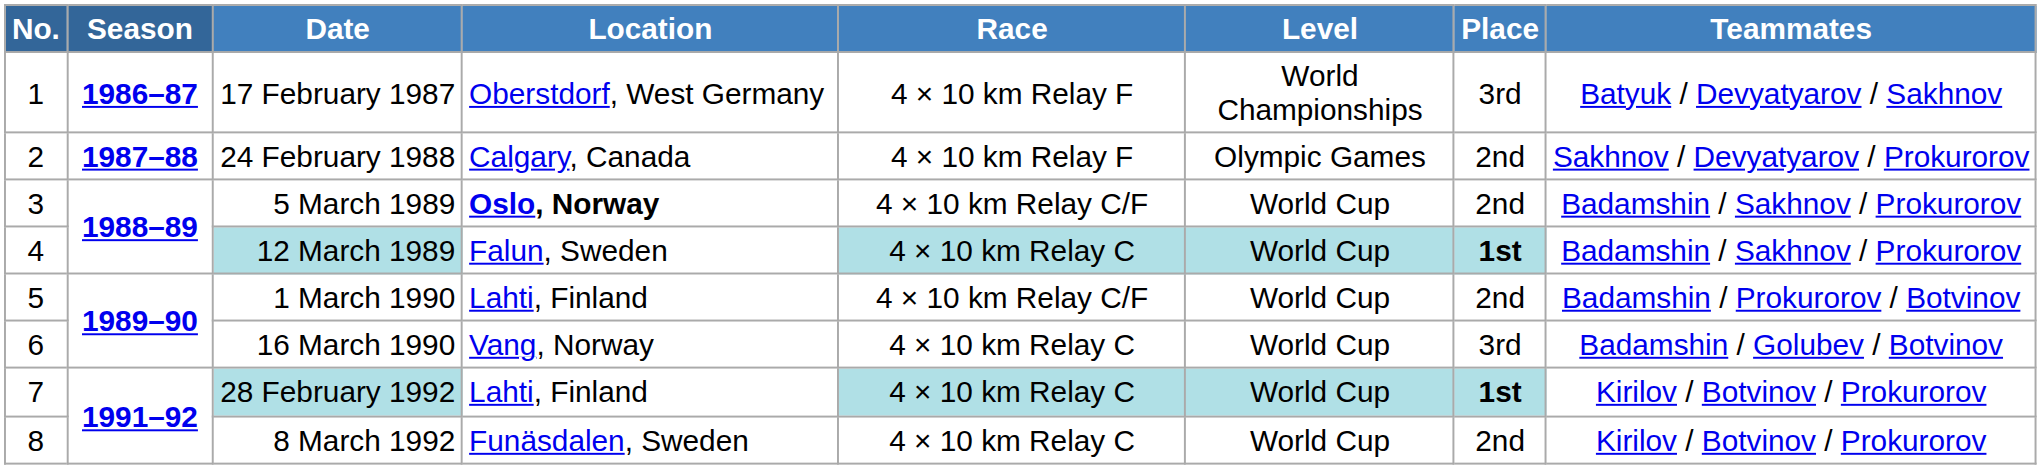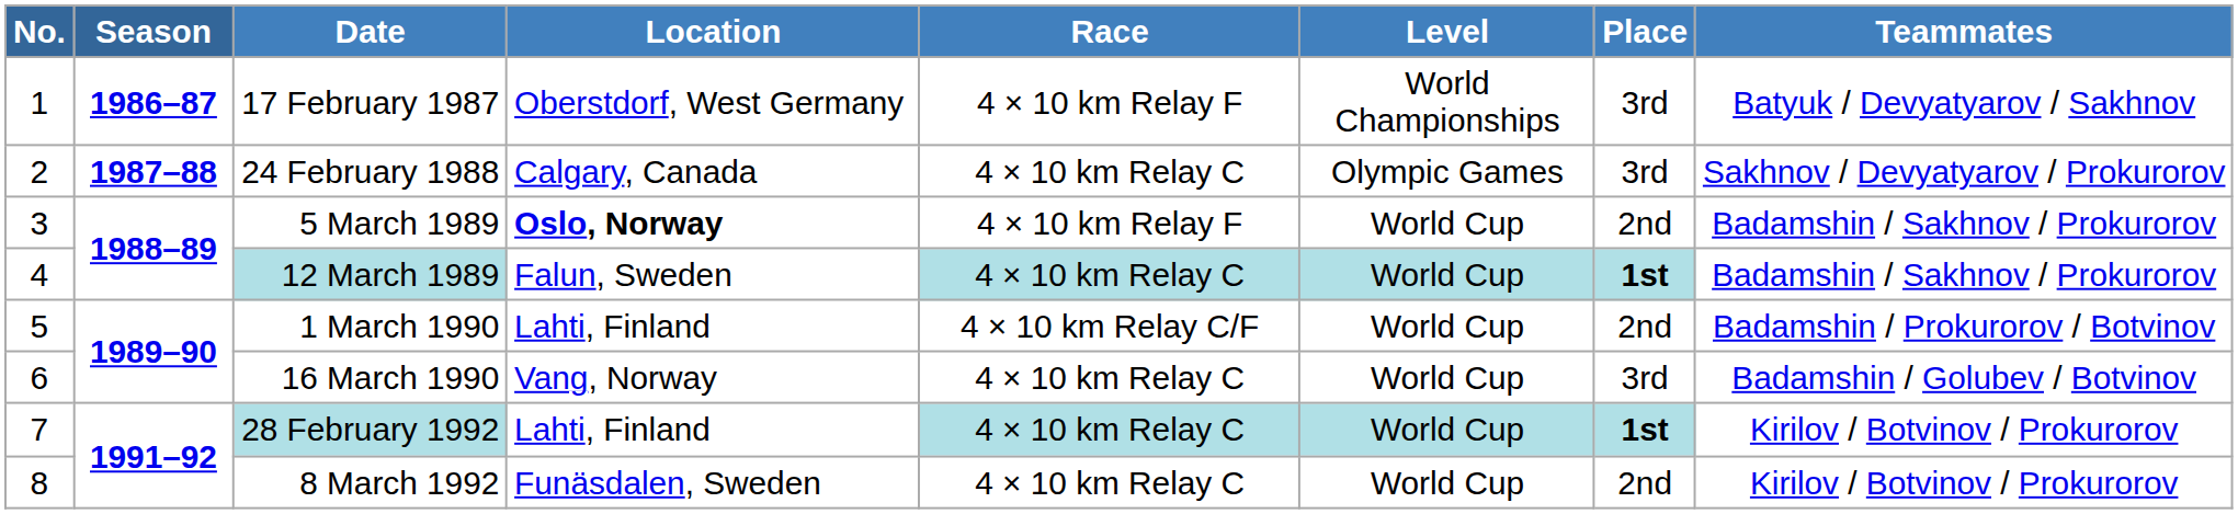 <table class="wikitable sortable" style="font-size:95%; text-align:center; border:grey solid 1px; border-collapse:collapse; background:#ffffff;">
 <tr style="background:#efefef;">
 <th style="background-color:#369; color:white;">No.</th>
 <th style="background-color:#369; color:white;">Season</th>
 <th style="background-color:#4180be; color:white; width:120px;">Date</th>
 <th style="background-color:#4180be; color:white; width:185px;">Location</th>
 <th style="background-color:#4180be; color:white; width:170px;">Race</th>
 <th style="background-color:#4180be; color:white; width:130px;">Level</th>
 <th style="background-color:#4180be; color:white;">Place</th>
 <th style="background-color:#4180be; color:white;">Teammates</th>
 </tr>
 <tr>
 <td align=center>1</td>
 <td rowspan=1 align=center><strong> <a href='#'>1986–87</a> </strong></td>
 <td align=right>17 February 1987</td>
 <td align=left> <a href='#'>Oberstdorf</a>, West Germany</td>
 <td>4 × 10 km Relay F</td>
 <td>World Championships</td>
 <td>3rd</td>
 <td><a href='#'>Batyuk</a> / <a href='#'>Devyatyarov</a> / <a href='#'>Sakhnov</a></td>
 </tr>
 <tr>
 <td align=center>2</td>
 <td rowspan=1 align=center><strong> <a href='#'>1987–88</a> </strong></td>
 <td align=right>24 February 1988</td>
 <td align=left> <a href='#'>Calgary</a>, Canada</td>
-<td>4 × 10 km Relay F</td>
+<td>4 × 10 km Relay C</td>
 <td>Olympic Games</td>
-<td>2nd</td>
+<td>3rd</td>
 <td><a href='#'>Sakhnov</a> / <a href='#'>Devyatyarov</a> / <a href='#'>Prokurorov</a></td>
 </tr>
 <tr>
 <td align=center>3</td>
 <td rowspan=2 align=center><strong> <a href='#'>1988–89</a> </strong></td>
 <td align=right>5 March 1989</td>
 <td align=left><strong> <a href='#'>Oslo</a>, Norway</strong></td>
-<td>4 × 10 km Relay C/F</td>
+<td>4 × 10 km Relay F</td>
 <td>World Cup</td>
 <td>2nd</td>
 <td><a href='#'>Badamshin</a> / <a href='#'>Sakhnov</a> / <a href='#'>Prokurorov</a></td>
 </tr>
 <tr>
 <td align=center>4</td>
 <td bgcolor="#BOEOE6" align=right>12 March 1989</td>
 <td align=left> <a href='#'>Falun</a>, Sweden</td>
 <td bgcolor="#BOEOE6">4 × 10 km Relay C</td>
 <td bgcolor="#BOEOE6">World Cup</td>
 <td bgcolor="#BOEOE6"><strong>1st</strong></td>
 <td><a href='#'>Badamshin</a> / <a href='#'>Sakhnov</a> / <a href='#'>Prokurorov</a></td>
 </tr>
 <tr>
 <td align=center>5</td>
 <td rowspan=2 align=center><strong> <a href='#'>1989–90</a> </strong></td>
 <td align=right>1 March 1990</td>
 <td align=left> <a href='#'>Lahti</a>, Finland</td>
 <td>4 × 10 km Relay C/F</td>
 <td>World Cup</td>
 <td>2nd</td>
 <td><a href='#'>Badamshin</a> / <a href='#'>Prokurorov</a> / <a href='#'>Botvinov</a></td>
 </tr>
 <tr>
 <td align=center>6</td>
 <td align=right>16 March 1990</td>
 <td align=left> <a href='#'>Vang</a>, Norway</td>
 <td>4 × 10 km Relay C</td>
 <td>World Cup</td>
 <td>3rd</td>
 <td><a href='#'>Badamshin</a> / <a href='#'>Golubev</a> / <a href='#'>Botvinov</a></td>
 </tr>
 <tr>
 <td align=center>7</td>
 <td rowspan=2 align=center><strong><a href='#'>1991–92</a></strong></td>
 <td bgcolor="#BOEOE6" align=right>28 February 1992</td>
 <td align=left> <a href='#'>Lahti</a>, Finland</td>
 <td bgcolor="#BOEOE6">4 × 10 km Relay C</td>
 <td bgcolor="#BOEOE6">World Cup</td>
 <td bgcolor="#BOEOE6"><strong>1st</strong></td>
 <td><a href='#'>Kirilov</a> / <a href='#'>Botvinov</a> / <a href='#'>Prokurorov</a></td>
 </tr>
 <tr>
 <td align=center>8</td>
 <td align=right>8 March 1992</td>
 <td align=left> <a href='#'>Funäsdalen</a>, Sweden</td>
 <td>4 × 10 km Relay C</td>
 <td>World Cup</td>
 <td>2nd</td>
 <td><a href='#'>Kirilov</a> / <a href='#'>Botvinov</a> / <a href='#'>Prokurorov</a></td>
 </tr>
 </table>
